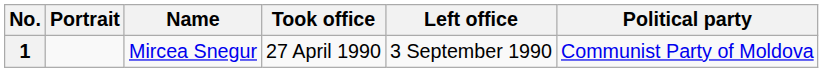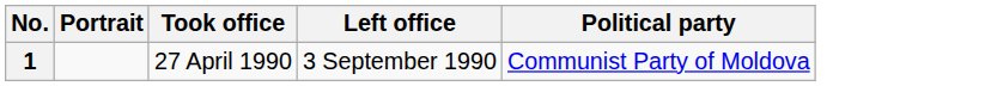 <table class="wikitable" style="text-align:center;">
 <tr>
 <th>No.</th>
 <th>Portrait</th>
-<th>Name<br></th>
 <th>Took office</th>
 <th>Left office</th>
 <th>Political party</th>
 </tr>
 <tr>
 <th style="background:">1</th>
 <td></td>
-<td><a href='#'>Mircea Snegur</a><br></td>
 <td>27 April 1990</td>
 <td>3 September 1990</td>
 <td><a href='#'>Communist Party of Moldova</a></td>
 </tr>
 </table>
